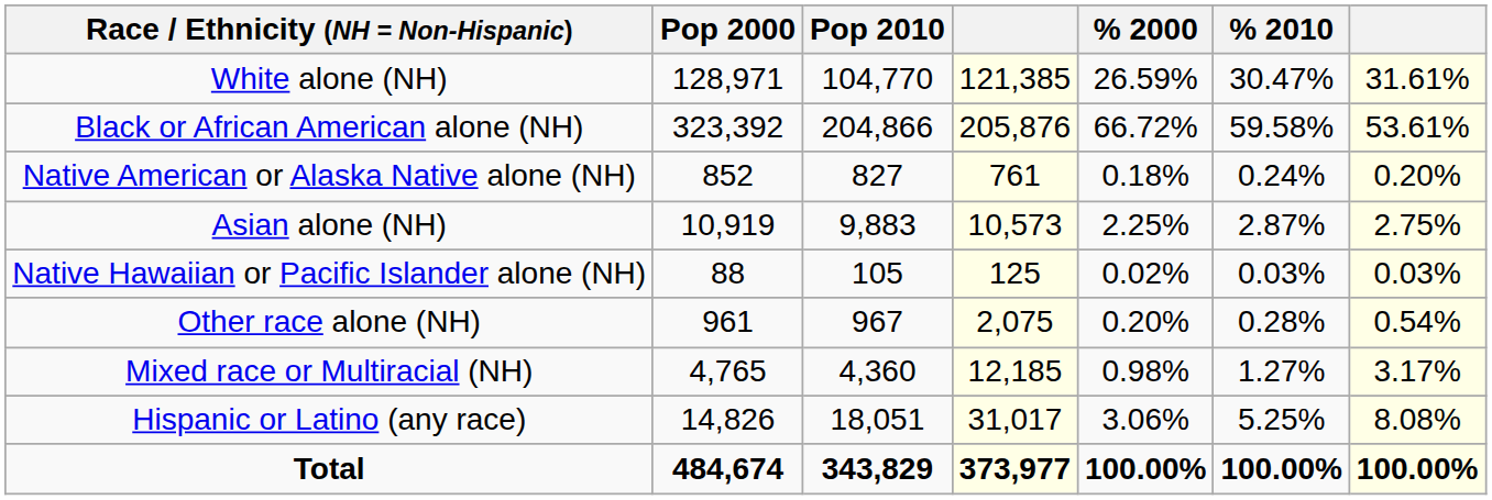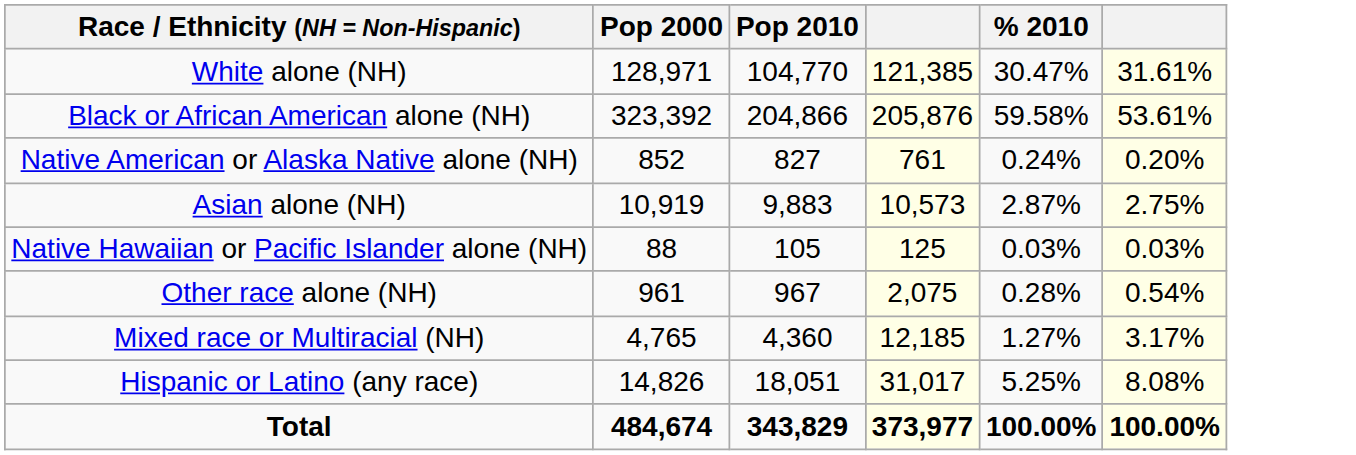 <table class="wikitable" style="text-align:center;">
 <tr>
 <th>Race / Ethnicity <small>(<em>NH = Non-Hispanic</em>)</small></th>
 <th>Pop 2000</th>
 <th>Pop 2010</th>
 <th></th>
-<th>% 2000</th>
 <th>% 2010</th>
 <th></th>
 </tr>
 <tr>
 <td><a href='#'>White</a> alone (NH)</td>
 <td>128,971</td>
 <td>104,770</td>
 <td style='background: #ffffe6;'>121,385</td>
-<td>26.59%</td>
 <td>30.47%</td>
 <td style='background: #ffffe6;'>31.61%</td>
 </tr>
 <tr>
 <td><a href='#'>Black or African American</a> alone (NH)</td>
 <td>323,392</td>
 <td>204,866</td>
 <td style='background: #ffffe6;'>205,876</td>
-<td>66.72%</td>
 <td>59.58%</td>
 <td style='background: #ffffe6;'>53.61%</td>
 </tr>
 <tr>
 <td><a href='#'>Native American</a> or <a href='#'>Alaska Native</a> alone (NH)</td>
 <td>852</td>
 <td>827</td>
 <td style='background: #ffffe6;'>761</td>
-<td>0.18%</td>
 <td>0.24%</td>
 <td style='background: #ffffe6;'>0.20%</td>
 </tr>
 <tr>
 <td><a href='#'>Asian</a> alone (NH)</td>
 <td>10,919</td>
 <td>9,883</td>
 <td style='background: #ffffe6;'>10,573</td>
-<td>2.25%</td>
 <td>2.87%</td>
 <td style='background: #ffffe6;'>2.75%</td>
 </tr>
 <tr>
 <td><a href='#'>Native Hawaiian</a> or <a href='#'>Pacific Islander</a> alone (NH)</td>
 <td>88</td>
 <td>105</td>
 <td style='background: #ffffe6;'>125</td>
-<td>0.02%</td>
 <td>0.03%</td>
 <td style='background: #ffffe6;'>0.03%</td>
 </tr>
 <tr>
 <td><a href='#'>Other race</a> alone (NH)</td>
 <td>961</td>
 <td>967</td>
 <td style='background: #ffffe6;'>2,075</td>
-<td>0.20%</td>
 <td>0.28%</td>
 <td style='background: #ffffe6;'>0.54%</td>
 </tr>
 <tr>
 <td><a href='#'>Mixed race or Multiracial</a> (NH)</td>
 <td>4,765</td>
 <td>4,360</td>
 <td style='background: #ffffe6;'>12,185</td>
-<td>0.98%</td>
 <td>1.27%</td>
 <td style='background: #ffffe6;'>3.17%</td>
 </tr>
 <tr>
 <td><a href='#'>Hispanic or Latino</a> (any race)</td>
 <td>14,826</td>
 <td>18,051</td>
 <td style='background: #ffffe6;'>31,017</td>
-<td>3.06%</td>
 <td>5.25%</td>
 <td style='background: #ffffe6;'>8.08%</td>
 </tr>
 <tr>
 <td><strong>Total</strong></td>
 <td><strong>484,674</strong></td>
 <td><strong>343,829</strong></td>
 <td style='background: #ffffe6;'><strong>373,977</strong></td>
 <td><strong>100.00%</strong></td>
-<td><strong>100.00%</strong></td>
 <td style='background: #ffffe6;'><strong>100.00%</strong></td>
 </tr>
 </table>
